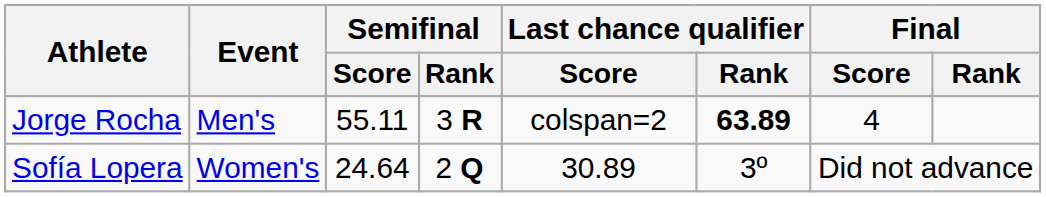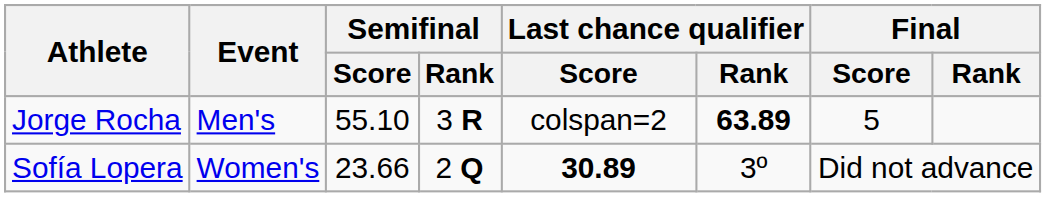 <table class=wikitable style=font-size:90%;text-align:center>
 <tr>
 <th rowspan=2>Athlete</th>
 <th rowspan=2>Event</th>
 <th colspan=2>Semifinal</th>
 <th colspan=2>Last chance qualifier</th>
 <th colspan=2>Final</th>
 </tr>
 <tr style=font-size:95%>
 <th>Score</th>
 <th>Rank</th>
 <th>Score</th>
 <th>Rank</th>
 <th>Score</th>
 <th>Rank</th>
 </tr>
 <tr style="text-align:center">
 <td style="text-align:left"><a href='#'>Jorge Rocha</a></td>
 <td style="text-align:left"><a href='#'>Men's</a></td>
-<td style="text-align:center">55.11</td>
+<td style="text-align:center">55.10</td>
 <td style="text-align:center">3 <strong>R</strong></td>
 <td>colspan=2 </td>
 <td><strong>63.89</strong></td>
-<td>4</td>
+<td>5</td>
 </tr>
 <tr style="text-align:center">
 <td style="text-align:left"><a href='#'>Sofía Lopera</a></td>
 <td style="text-align:left"><a href='#'>Women's</a></td>
-<td style="text-align:center">24.64</td>
+<td style="text-align:center">23.66</td>
 <td style="text-align:center">2 <strong>Q</strong></td>
-<td style="text-align:center">30.89</td>
+<td style="text-align:center"><strong>30.89</strong></td>
 <td style="text-align:center">3º</td>
 <td colspan=2>Did not advance</td>
 </tr>
 </table>
